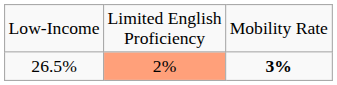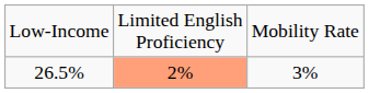 <table class="wikitable" style="text-align:center">
 <tr>
 <td>Low-Income</td>
 <td>Limited English<br>Proficiency</td>
 <td>Mobility Rate</td>
 </tr>
 <tr>
 <td>26.5%</td>
 <td style="background: lightsalmon;">2%</td>
-<td><strong>3%</strong></td>
+<td>3%</td>
 </tr>
 </table>
